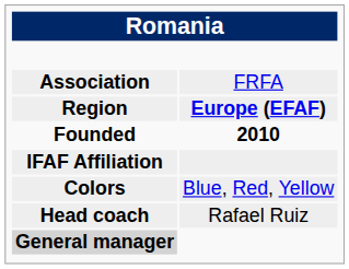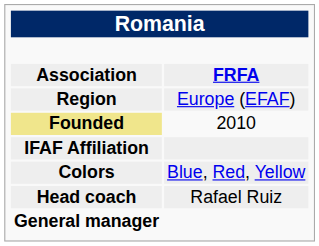 <table class="infobox" width=280>
 <tr align="center" bgcolor="#002868" style="color:white">
 <td colspan=4 style="text-align:center;"><big> <strong> Romania</strong></big></td>
 </tr>
 <tr align="center">
 <td colspan=1><br></td>
 <td></td>
 </tr>
 <tr align="center" bgcolor="#eeeeee">
 <td><strong>Association</strong></td>
-<td><a href='#'>FRFA</a></td>
+<td><strong><a href='#'>FRFA</a></strong></td>
 </tr>
 <tr align="center" bgcolor="#eeeeee">
 <td><strong>Region</strong></td>
-<td><strong><a href='#'>Europe</a> (<a href='#'>EFAF</a>)</strong></td>
+<td><a href='#'>Europe</a> (<a href='#'>EFAF</a>)</td>
 </tr>
 <tr align="center">
-<td><strong>Founded</strong></td>
-<td><strong>2010</strong></td>
+<td style="background: khaki;"><strong>Founded</strong></td>
+<td>2010</td>
 </tr>
 <tr align="center" bgcolor="#eeeeee">
 <td><strong>IFAF Affiliation</strong></td>
 <td></td>
 </tr>
 <tr align="center" bgcolor="#eeeeee">
 <td><strong>Colors</strong></td>
 <td><a href='#'>Blue</a>, <a href='#'>Red</a>, <a href='#'>Yellow</a></td>
 </tr>
 <tr align="center" bgcolor="#eeeeee">
 <td><strong>Head coach</strong></td>
 <td> Rafael Ruiz</td>
 </tr>
 <tr align="center">
-<td style="background: lightgrey;"><strong>General manager</strong></td>
+<td><strong>General manager</strong></td>
 <td></td>
 </tr>
 <tr align="center" bgcolor="#eeeeee">
 </tr>
 </table>
